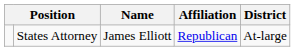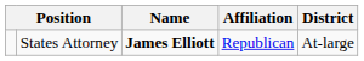 <table class=wikitable>
 <tr>
 <th colspan="2" style="text-align:center; vertical-align:bottom;">Position</th>
 <th style="text-align:center;">Name</th>
 <th valign=bottom>Affiliation</th>
 <th style="vertical-align:bottom; text-align:center;">District</th>
 </tr>
 <tr>
 <td style="background-color:"> </td>
 <td>States Attorney</td>
-<td>James Elliott</td>
+<td><strong>James Elliott</strong></td>
 <td style="text-align:center;"><a href='#'>Republican</a></td>
 <td style="text-align:center;">At-large</td>
 </tr>
 </table>
